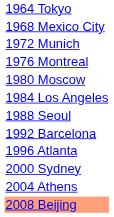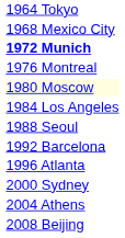 <table>
 <tr>
 <td><a href='#'>1964 Tokyo</a><br></td>
 <td></td>
 <td></td>
 <td></td>
 </tr>
 <tr>
 <td><a href='#'>1968 Mexico City</a><br></td>
 <td></td>
 <td></td>
 <td></td>
 </tr>
 <tr>
-<td><a href='#'>1972 Munich</a><br></td>
+<td><strong><a href='#'>1972 Munich</a><br></strong></td>
 <td></td>
 <td></td>
 <td></td>
 </tr>
 <tr>
 <td><a href='#'>1976 Montreal</a><br></td>
 <td></td>
 <td></td>
 <td></td>
 </tr>
 <tr>
-<td><a href='#'>1980 Moscow</a><br></td>
+<td style="background: lightyellow;"><a href='#'>1980 Moscow</a><br></td>
 <td></td>
 <td></td>
 <td></td>
 </tr>
 <tr>
 <td><a href='#'>1984 Los Angeles</a><br></td>
 <td></td>
 <td></td>
 <td></td>
 </tr>
 <tr>
 <td><a href='#'>1988 Seoul</a><br></td>
 <td></td>
 <td></td>
 <td></td>
 </tr>
 <tr>
 <td><a href='#'>1992 Barcelona</a><br></td>
 <td></td>
 <td></td>
 <td></td>
 </tr>
 <tr>
 <td><a href='#'>1996 Atlanta</a><br></td>
 <td></td>
 <td></td>
 <td></td>
 </tr>
 <tr>
 <td><a href='#'>2000 Sydney</a><br></td>
 <td></td>
 <td></td>
 <td></td>
 </tr>
 <tr>
 <td><a href='#'>2004 Athens</a><br></td>
 <td></td>
 <td></td>
 <td></td>
 </tr>
 <tr>
-<td style="background: lightsalmon;"><a href='#'>2008 Beijing</a><br></td>
+<td><a href='#'>2008 Beijing</a><br></td>
 <td></td>
 <td></td>
 <td></td>
 </tr>
 </table>
